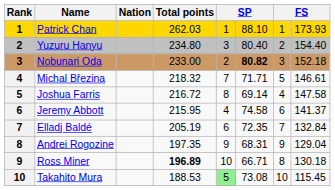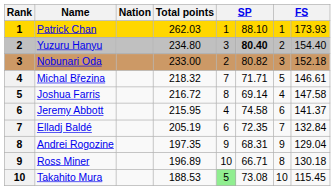 <table class="wikitable sortable">
 <tr>
 <th>Rank</th>
 <th>Name</th>
 <th>Nation</th>
 <th>Total points</th>
 <th colspan="2" width="80px"><a href='#'>SP</a></th>
 <th colspan="2" width="80px"><a href='#'>FS</a></th>
 </tr>
 <tr bgcolor="gold">
 <td align="center"><strong>1</strong></td>
 <td><a href='#'>Patrick Chan</a></td>
 <td></td>
 <td align="center">262.03</td>
 <td align="center">1</td>
 <td align="center">88.10</td>
 <td align="center">1</td>
 <td align="center">173.93</td>
 </tr>
 <tr bgcolor="silver">
 <td align="center"><strong>2</strong></td>
 <td><a href='#'>Yuzuru Hanyu</a></td>
 <td></td>
 <td align="center">234.80</td>
 <td align="center">3</td>
-<td align="center">80.40</td>
+<td align="center"><strong>80.40</strong></td>
 <td align="center">2</td>
 <td align="center">154.40</td>
 </tr>
 <tr bgcolor="cc9966">
 <td align="center"><strong>3</strong></td>
 <td><a href='#'>Nobunari Oda</a></td>
 <td></td>
 <td align="center">233.00</td>
 <td align="center">2</td>
-<td align="center"><strong>80.82</strong></td>
+<td align="center">80.82</td>
 <td align="center">3</td>
 <td align="center">152.18</td>
 </tr>
 <tr>
 <th>4</th>
 <td><a href='#'>Michal Březina</a></td>
 <td></td>
 <td align="center">218.32</td>
 <td align="center">7</td>
 <td align="center">71.71</td>
 <td align="center">5</td>
 <td align="center">146.61</td>
 </tr>
 <tr>
 <th>5</th>
 <td><a href='#'>Joshua Farris</a></td>
 <td></td>
 <td align="center">216.72</td>
 <td align="center">8</td>
 <td align="center">69.14</td>
 <td align="center">4</td>
 <td align="center">147.58</td>
 </tr>
 <tr>
 <th>6</th>
 <td><a href='#'>Jeremy Abbott</a></td>
 <td></td>
 <td align="center">215.95</td>
 <td align="center">4</td>
 <td align="center">74.58</td>
 <td align="center">6</td>
 <td align="center">141.37</td>
 </tr>
 <tr>
 <th>7</th>
 <td><a href='#'>Elladj Baldé</a></td>
 <td></td>
 <td align="center">205.19</td>
 <td align="center">6</td>
 <td align="center">72.35</td>
 <td align="center">7</td>
 <td align="center">132.84</td>
 </tr>
 <tr>
 <th>8</th>
 <td><a href='#'>Andrei Rogozine</a></td>
 <td></td>
 <td align="center">197.35</td>
 <td align="center">9</td>
 <td align="center">68.31</td>
 <td align="center">9</td>
 <td align="center">129.04</td>
 </tr>
 <tr>
 <th>9</th>
 <td><a href='#'>Ross Miner</a></td>
 <td></td>
-<td align="center"><strong>196.89</strong></td>
+<td align="center">196.89</td>
 <td align="center">10</td>
 <td align="center">66.71</td>
 <td align="center">8</td>
 <td align="center">130.18</td>
 </tr>
 <tr>
 <th>10</th>
 <td><a href='#'>Takahito Mura</a></td>
 <td></td>
 <td align="center">188.53</td>
 <td align="center" style="background: lightgreen;">5</td>
 <td align="center">73.08</td>
 <td align="center">10</td>
 <td align="center">115.45</td>
 </tr>
 </table>
